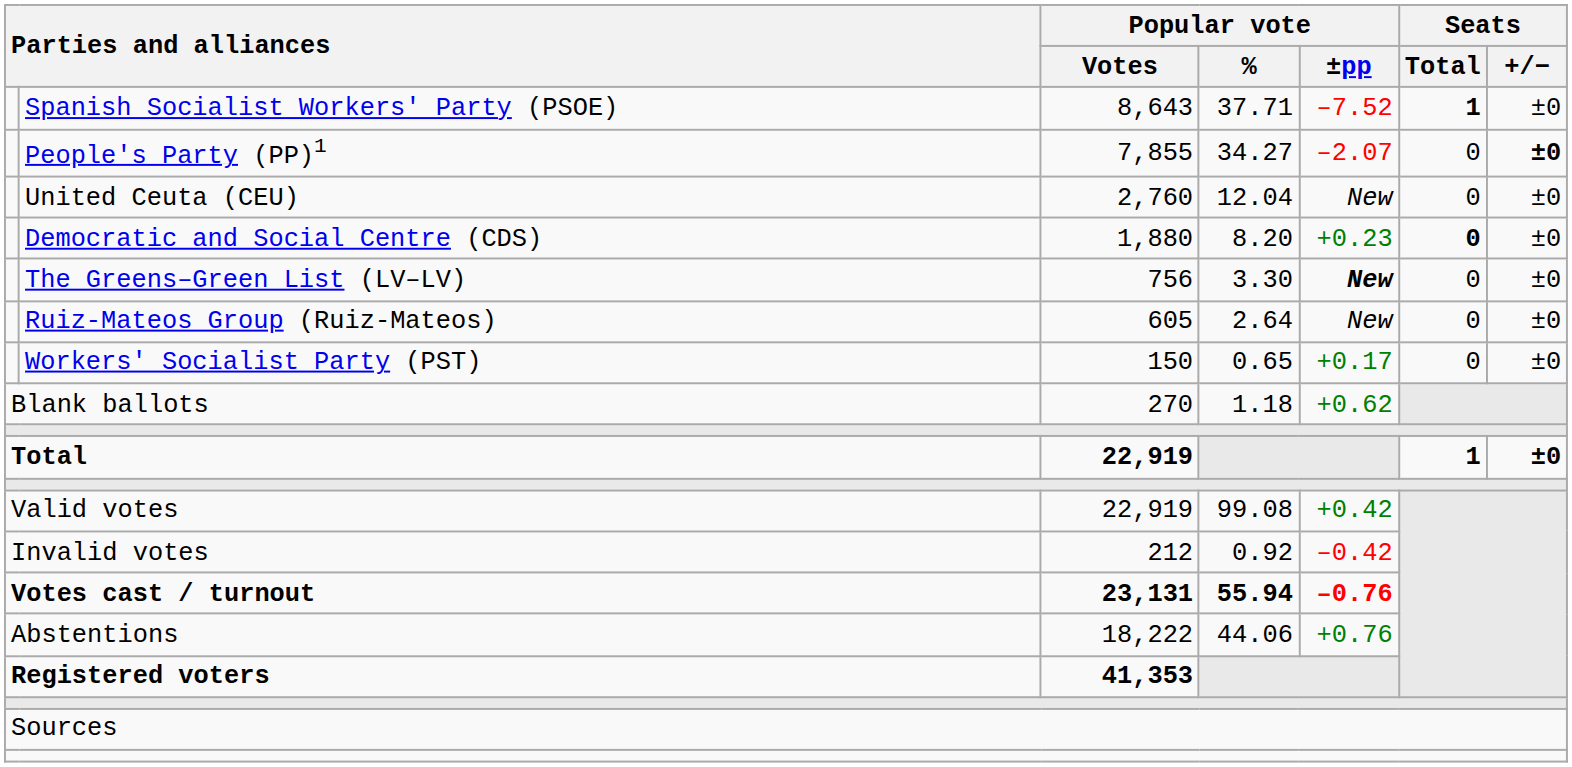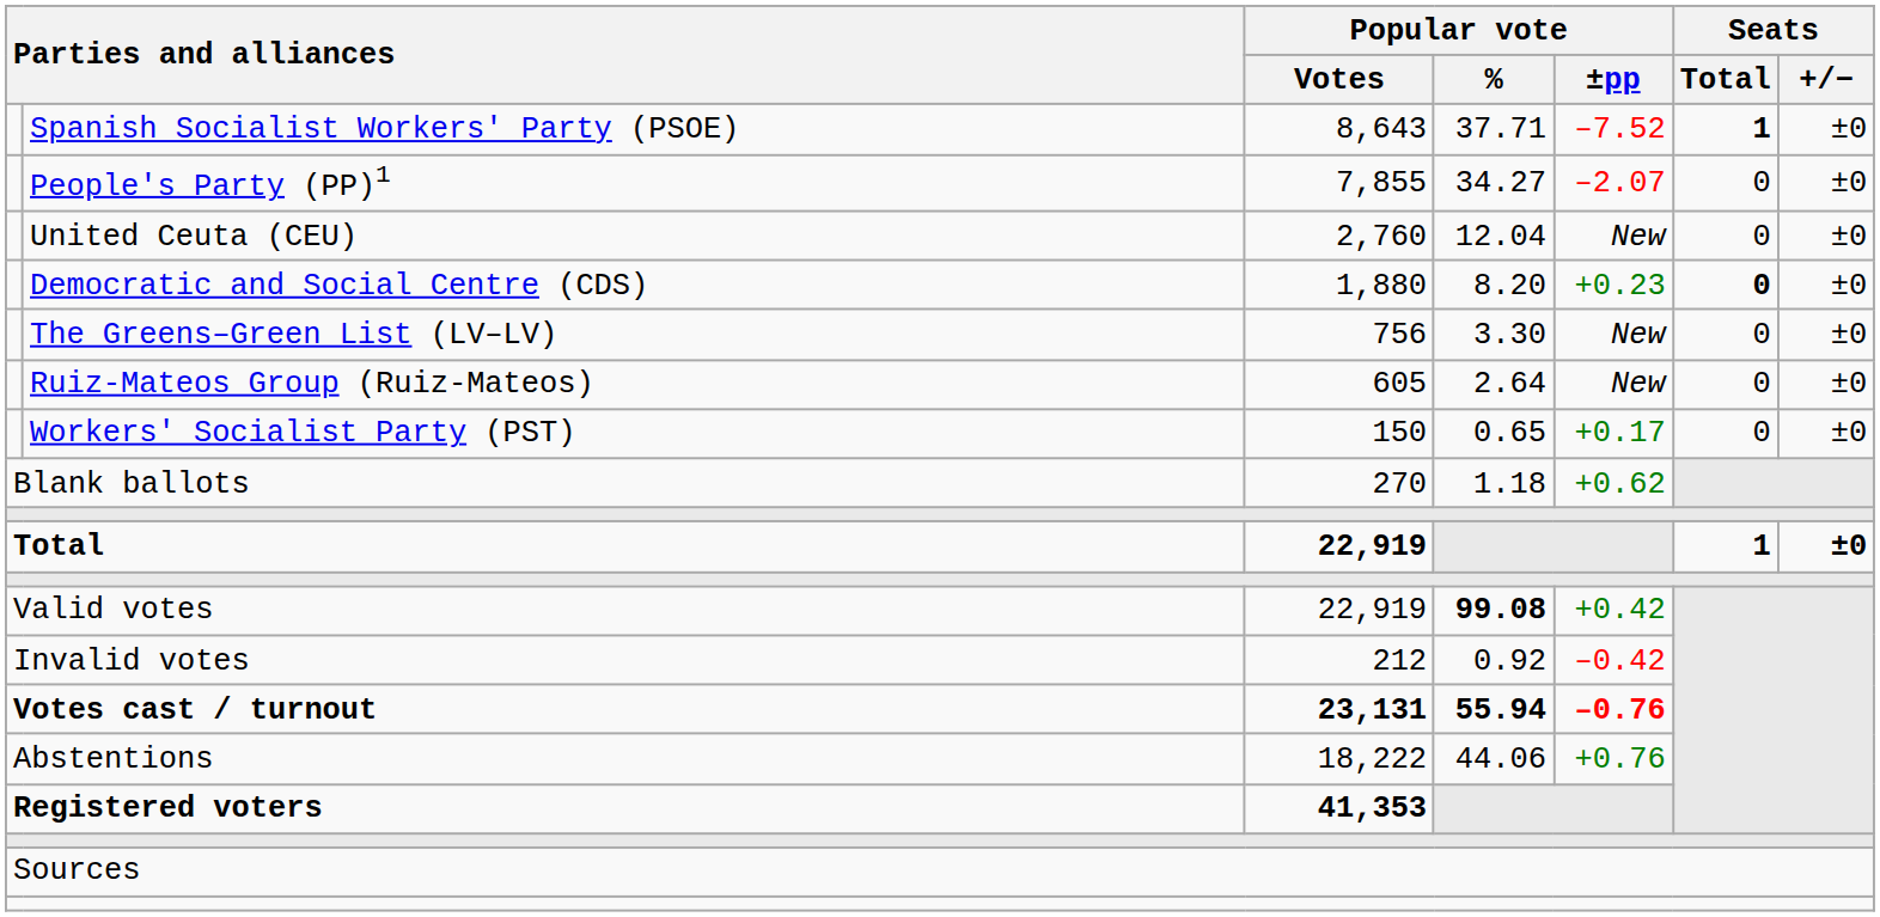 <table class="wikitable" style="text-align:right;">
 <tr>
 <th style="text-align:left;" rowspan="2" colspan="2" width="525">Parties and alliances</th>
 <th colspan="3">Popular vote</th>
 <th colspan="2">Seats</th>
 </tr>
 <tr>
 <th width="75">Votes</th>
 <th width="45">%</th>
 <th width="45">±<a href='#'>pp</a></th>
 <th width="35">Total</th>
 <th width="35">+/−</th>
 </tr>
 <tr>
 <td width="1" style="color:inherit;background:"></td>
 <td align="left"><a href='#'>Spanish Socialist Workers' Party</a> (PSOE)</td>
 <td>8,643</td>
 <td>37.71</td>
 <td style="color:red;">–7.52</td>
 <td><strong>1</strong></td>
 <td>±0</td>
 </tr>
 <tr>
 <td style="color:inherit;background:"></td>
 <td align="left"><a href='#'>People's Party</a> (PP)<sup>1</sup></td>
 <td>7,855</td>
 <td>34.27</td>
 <td style="color:red;">–2.07</td>
 <td>0</td>
-<td><strong>±0</strong></td>
+<td>±0</td>
 </tr>
 <tr>
 <td style="color:inherit;background:"></td>
 <td align="left">United Ceuta (CEU)</td>
 <td>2,760</td>
 <td>12.04</td>
 <td><em>New</em></td>
 <td>0</td>
 <td>±0</td>
 </tr>
 <tr>
 <td style="color:inherit;background:"></td>
 <td align="left"><a href='#'>Democratic and Social Centre</a> (CDS)</td>
 <td>1,880</td>
 <td>8.20</td>
 <td style="color:green;">+0.23</td>
 <td><strong>0</strong></td>
 <td>±0</td>
 </tr>
 <tr>
 <td style="color:inherit;background:"></td>
 <td align="left"><a href='#'>The Greens–Green List</a> (LV–LV)</td>
 <td>756</td>
 <td>3.30</td>
-<td><strong><em>New</em></strong></td>
+<td><em>New</em></td>
 <td>0</td>
 <td>±0</td>
 </tr>
 <tr>
 <td style="color:inherit;background:"></td>
 <td align="left"><a href='#'>Ruiz-Mateos Group</a> (Ruiz-Mateos)</td>
 <td>605</td>
 <td>2.64</td>
 <td><em>New</em></td>
 <td>0</td>
 <td>±0</td>
 </tr>
 <tr>
 <td style="color:inherit;background:"></td>
 <td align="left"><a href='#'>Workers' Socialist Party</a> (PST)</td>
 <td>150</td>
 <td>0.65</td>
 <td style="color:green;">+0.17</td>
 <td>0</td>
 <td>±0</td>
 </tr>
 <tr>
 <td align="left" colspan="2">Blank ballots</td>
 <td>270</td>
 <td>1.18</td>
 <td style="color:green;">+0.62</td>
 <td bgcolor="#E9E9E9" colspan="2"></td>
 </tr>
 <tr>
 <td colspan="7" bgcolor="#E9E9E9"></td>
 </tr>
 <tr style="font-weight:bold;">
 <td align="left" colspan="2">Total</td>
 <td>22,919</td>
 <td bgcolor="#E9E9E9" colspan="2"></td>
 <td>1</td>
 <td>±0</td>
 </tr>
 <tr>
 <td colspan="7" bgcolor="#E9E9E9"></td>
 </tr>
 <tr>
 <td align="left" colspan="2">Valid votes</td>
 <td>22,919</td>
-<td>99.08</td>
+<td><strong>99.08</strong></td>
 <td style="color:green;">+0.42</td>
 <td bgcolor="#E9E9E9" colspan="2" rowspan="5"></td>
 </tr>
 <tr>
 <td align="left" colspan="2">Invalid votes</td>
 <td>212</td>
 <td>0.92</td>
 <td style="color:red;">–0.42</td>
 </tr>
 <tr style="font-weight:bold;">
 <td align="left" colspan="2">Votes cast / turnout</td>
 <td>23,131</td>
 <td>55.94</td>
 <td style="color:red;">–0.76</td>
 </tr>
 <tr>
 <td align="left" colspan="2">Abstentions</td>
 <td>18,222</td>
 <td>44.06</td>
 <td style="color:green;">+0.76</td>
 </tr>
 <tr style="font-weight:bold;">
 <td align="left" colspan="2">Registered voters</td>
 <td>41,353</td>
 <td bgcolor="#E9E9E9" colspan="2"></td>
 </tr>
 <tr>
 <td colspan="7" bgcolor="#E9E9E9"></td>
 </tr>
 <tr>
 <td align="left" colspan="7">Sources</td>
 </tr>
 <tr>
 <td colspan="7" style="text-align:left; max-width:790px;"></td>
 </tr>
 </table>
